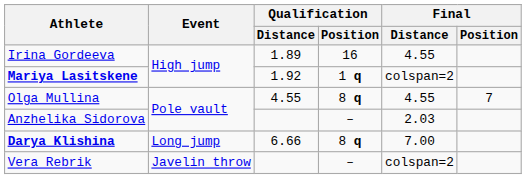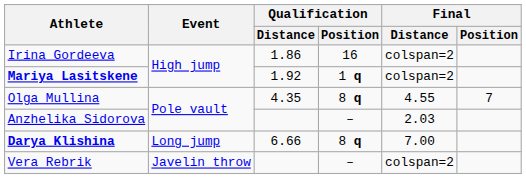 <table class=wikitable style="font-size:90%">
 <tr>
 <th rowspan="2">Athlete</th>
 <th rowspan="2">Event</th>
 <th colspan="2">Qualification</th>
 <th colspan="2">Final</th>
 </tr>
 <tr style="font-size:95%">
 <th>Distance</th>
 <th>Position</th>
 <th>Distance</th>
 <th>Position</th>
 </tr>
 <tr style=text-align:center>
 <td style=text-align:left><a href='#'>Irina Gordeeva</a></td>
 <td style=text-align:left rowspan=2><a href='#'>High jump</a></td>
-<td>1.89</td>
+<td>1.86</td>
 <td>16</td>
-<td>4.55</td>
+<td>colspan=2 </td>
 </tr>
 <tr style=text-align:center>
 <td style=text-align:left><strong><a href='#'>Mariya Lasitskene</a></strong></td>
 <td>1.92</td>
 <td>1 <strong>q</strong></td>
 <td>colspan=2 </td>
 <td></td>
 </tr>
 <tr style=text-align:center>
 <td style=text-align:left><a href='#'>Olga Mullina</a></td>
 <td style=text-align:left rowspan=2><a href='#'>Pole vault</a></td>
-<td>4.55</td>
+<td>4.35</td>
 <td>8 <strong>q</strong></td>
 <td>4.55</td>
 <td>7</td>
 </tr>
 <tr style=text-align:center>
 <td style=text-align:left><a href='#'>Anzhelika Sidorova</a></td>
 <td></td>
 <td>–</td>
 <td>2.03</td>
 </tr>
 <tr style=text-align:center>
 <td style=text-align:left><strong><a href='#'>Darya Klishina</a></strong></td>
 <td style=text-align:left><a href='#'>Long jump</a></td>
 <td>6.66</td>
 <td>8 <strong>q</strong></td>
 <td>7.00</td>
 <td></td>
 </tr>
 <tr style=text-align:center>
 <td style=text-align:left><a href='#'>Vera Rebrik</a></td>
 <td style=text-align:left><a href='#'>Javelin throw</a></td>
 <td></td>
 <td>–</td>
 <td>colspan=2 </td>
 </tr>
 </table>
